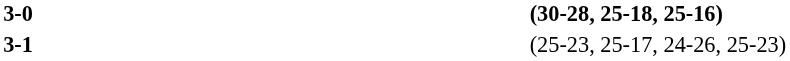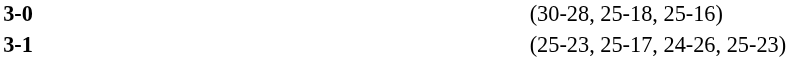 <table width=100% cellspacing=1>
 <tr>
 <th width=20%></th>
 <th width=12%></th>
 <th width=20%></th>
 <th width=33%></th>
 <td></td>
 </tr>
 <tr style=font-size:90%>
 <td align=right></td>
 <td align=center><strong>3-0</strong></td>
 <td></td>
-<td><strong>(30-28, 25-18, 25-16)</strong></td>
+<td>(30-28, 25-18, 25-16)</td>
 <td></td>
 </tr>
 <tr style=font-size:90%>
 <td align=right></td>
 <td align=center><strong>3-1</strong></td>
 <td></td>
 <td>(25-23, 25-17, 24-26, 25-23)</td>
 </tr>
 </table>
